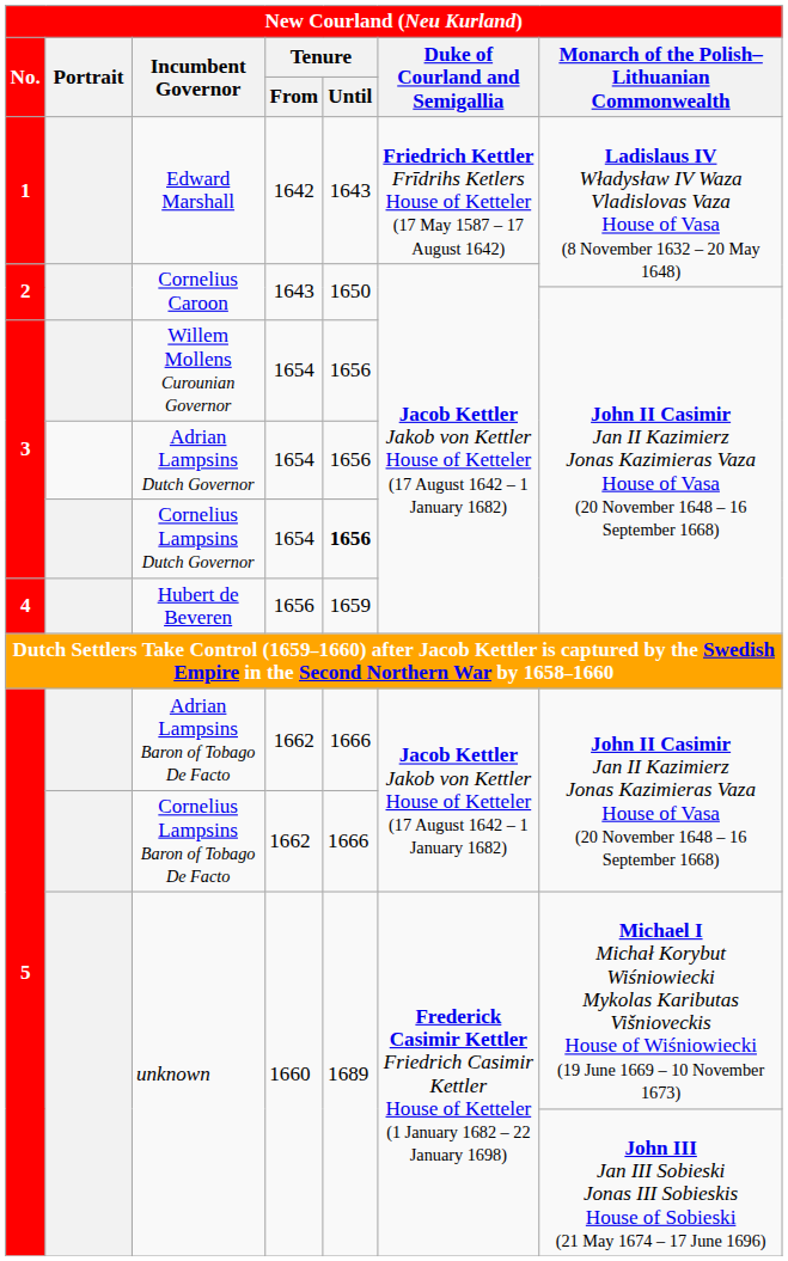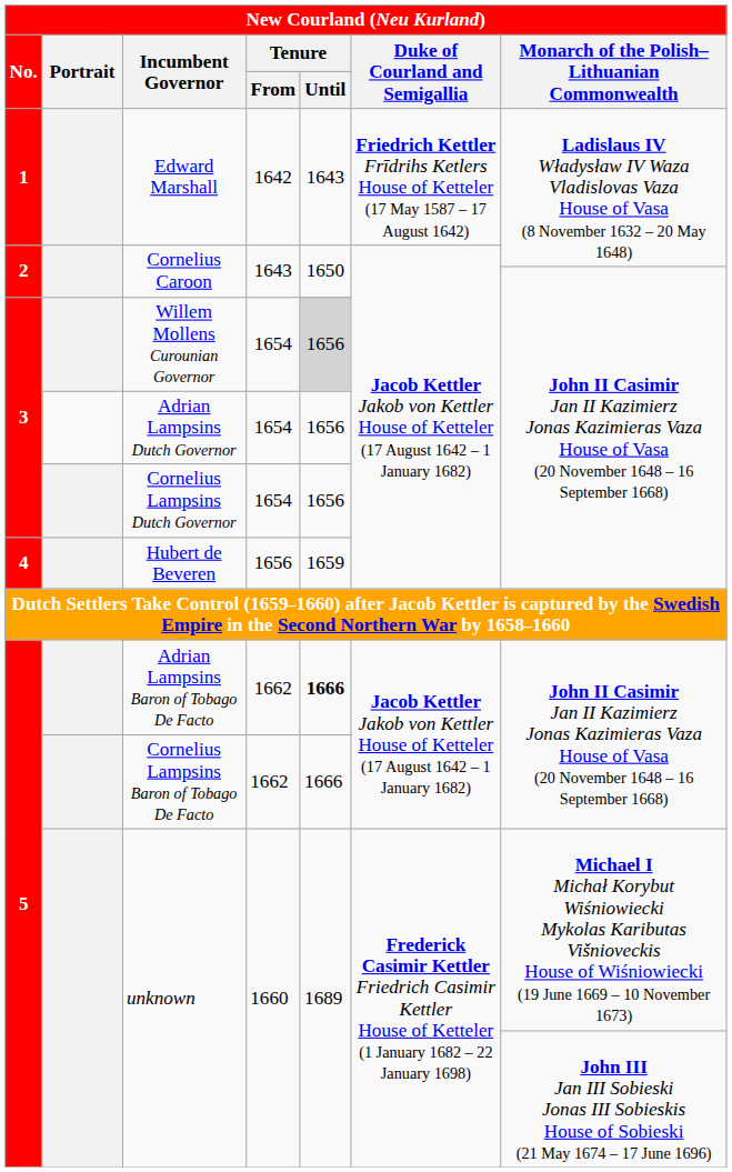 <table class="wikitable">
 <tr>
 <th colspan="7" align="center" style="background:red; color:white;"> New Courland (<em>Neu Kurland</em>)</th>
 </tr>
 <tr align="center">
 <th rowspan="2" align="center" style="background:red; color:white;"><strong>No.</strong></th>
 <th rowspan="2" width="60px">Portrait</th>
 <th rowspan="2">Incumbent Governor</th>
 <th colspan="2">Tenure</th>
 <th rowspan="2"><a href='#'>Duke of Courland and Semigallia</a></th>
 <th rowspan="2"><a href='#'>Monarch of the Polish–Lithuanian Commonwealth</a></th>
 </tr>
 <tr>
 <th>From</th>
 <th>Until</th>
 </tr>
 <tr align="center">
 <th align="center" style="background:red; color:white;">1</th>
 <th></th>
 <td><a href='#'>Edward Marshall</a></td>
 <td>1642</td>
 <td>1643</td>
 <td><br><strong><a href='#'>Friedrich Kettler</a></strong><br><em>Frīdrihs Ketlers</em><br><a href='#'>House of Ketteler</a><br><small>(17 May 1587 – 17 August 1642)</small></td>
 <td rowspan="2"><br><strong><a href='#'>Ladislaus IV</a></strong><br><em>Władysław IV Waza</em><br><em>Vladislovas Vaza</em><br><a href='#'>House of Vasa</a><br><small>(8 November 1632 – 20 May 1648)</small></td>
 </tr>
 <tr align="center">
 <th rowspan="2" align="center" style="background:red; color:white;">2</th>
 <th rowspan="2"></th>
 <td rowspan="2"><a href='#'>Cornelius Caroon</a></td>
 <td rowspan="2">1643</td>
 <td rowspan="2">1650</td>
 <td rowspan="6"><br><strong><a href='#'>Jacob Kettler</a></strong><br><em>Jakob von Kettler</em><br><a href='#'>House of Ketteler</a><br><small>(17 August 1642 – 1 January 1682)</small></td>
 </tr>
 <tr>
 <td align="center" rowspan="5"><br><strong><a href='#'>John II Casimir</a></strong><br><em>Jan II Kazimierz</em><br><em>Jonas Kazimieras Vaza</em><br><a href='#'>House of Vasa</a><br><small>(20 November 1648 – 16 September 1668)</small></td>
 </tr>
 <tr align="center">
 <th rowspan="3" align="center" style="background:red; color:white;">3</th>
 <th></th>
 <td><a href='#'>Willem Mollens</a><br><em><small>Curounian Governor</small></em></td>
 <td>1654</td>
-<td>1656</td>
+<td style="background: lightgrey;">1656</td>
 </tr>
 <tr align="center">
 <td></td>
 <td><a href='#'>Adrian Lampsins</a><br><em><small>Dutch Governor</small></em></td>
 <td>1654</td>
 <td>1656</td>
 </tr>
 <tr align="center">
 <th></th>
 <td><a href='#'>Cornelius Lampsins</a><br><em><small>Dutch Governor</small></em></td>
 <td>1654</td>
-<td><strong>1656</strong></td>
+<td>1656</td>
 </tr>
 <tr align="center">
 <th align="center" style="background:red; color:white;">4</th>
 <th></th>
 <td><a href='#'>Hubert de Beveren</a></td>
 <td>1656</td>
 <td>1659</td>
 </tr>
 <tr>
 <th align="center" colspan="7" style="background:orange; color:white;">Dutch Settlers Take Control (1659<small>–</small>1660) after Jacob Kettler is captured by the <a href='#'><span>Swedish Empire</span></a> in the <a href='#'><span>Second Northern War</span></a> by 1658<small>–</small>1660</th>
 </tr>
 <tr align="center">
 <th rowspan="4" align="center" style="background:red; color:white;">5</th>
 <th></th>
 <td><a href='#'>Adrian Lampsins</a><br><em><small>Baron of Tobago</small></em><br><small><em>De Facto</em></small></td>
 <td>1662</td>
-<td>1666</td>
+<td><strong>1666</strong></td>
 <td rowspan="2"><br><strong><a href='#'>Jacob Kettler</a></strong><br><em>Jakob von Kettler</em><br><a href='#'>House of Ketteler</a><br><small>(17 August 1642 – 1 January 1682)</small></td>
 <td rowspan="2"><br><strong><a href='#'>John II Casimir</a></strong><br><em>Jan II Kazimierz</em><br><em>Jonas Kazimieras Vaza</em><br><a href='#'>House of Vasa</a><br><small>(20 November 1648 – 16 September 1668)</small></td>
 </tr>
 <tr>
 <th></th>
 <td align="center"><a href='#'>Cornelius Lampsins</a><br><em><small>Baron of Tobago</small></em><br><small><em>De Facto</em></small></td>
 <td>1662</td>
 <td>1666</td>
 </tr>
 <tr>
 <th rowspan="2"></th>
 <td rowspan="2"><em>unknown</em></td>
 <td rowspan="2">1660</td>
 <td rowspan="2">1689</td>
 <td rowspan="2" align="center"><br><strong><a href='#'>Frederick Casimir Kettler</a></strong><br><em>Friedrich Casimir Kettler</em><br><a href='#'>House of Ketteler</a><br><small>(1 January 1682 – 22 January 1698)</small></td>
 <td align="center"><br><strong><a href='#'>Michael I</a></strong><br><em>Michał Korybut Wiśniowiecki</em><br><em>Mykolas Kaributas Višnioveckis</em><br><a href='#'>House of Wiśniowiecki</a><br><small>(19 June 1669 – 10 November 1673)</small></td>
 </tr>
 <tr align="center">
 <td><br><strong><a href='#'>John III</a></strong><br><em>Jan III Sobieski</em><br><em>Jonas III Sobieskis</em><br><a href='#'>House of Sobieski</a><br><small>(21 May 1674 – 17 June 1696)</small></td>
 </tr>
 </table>
